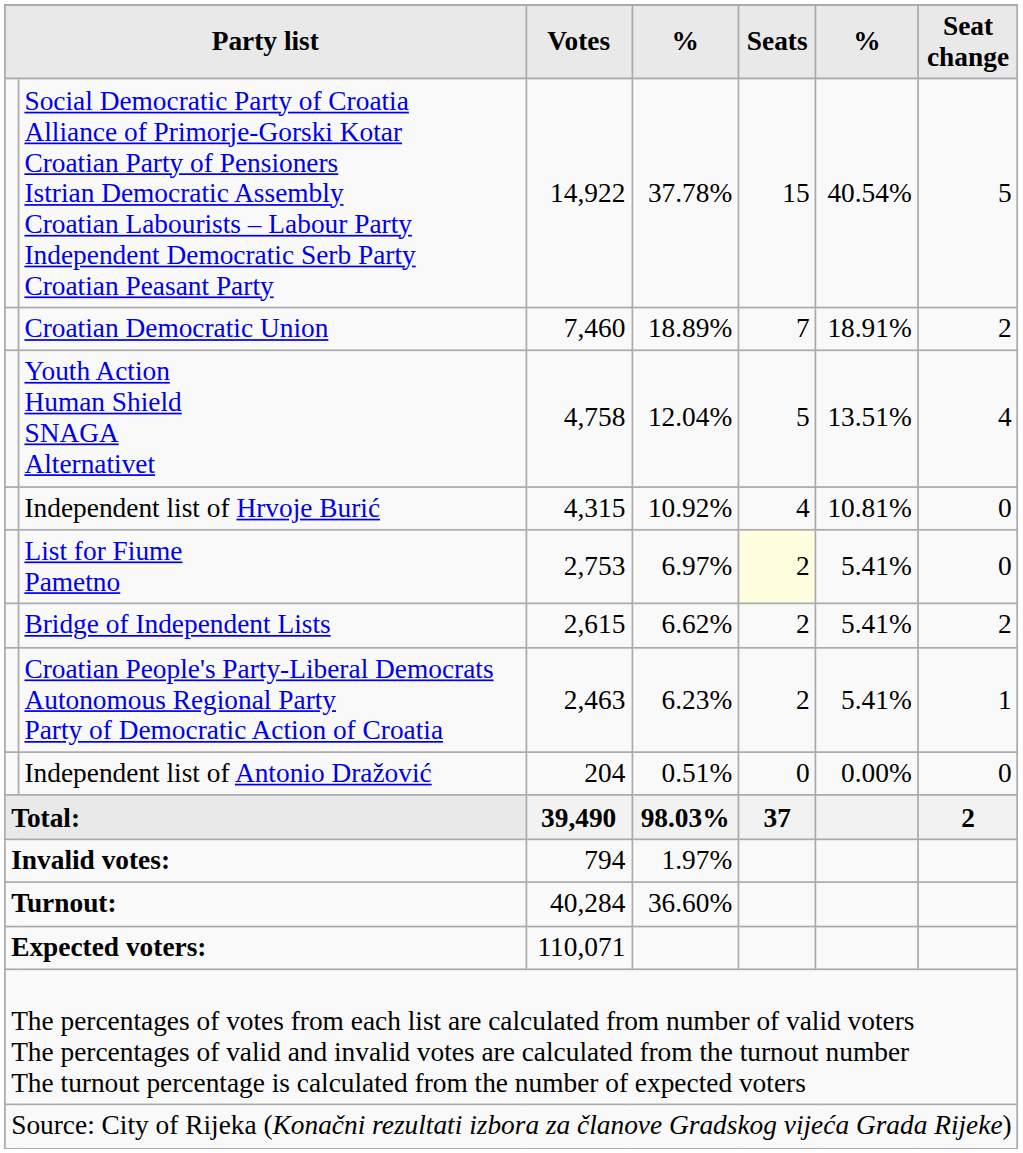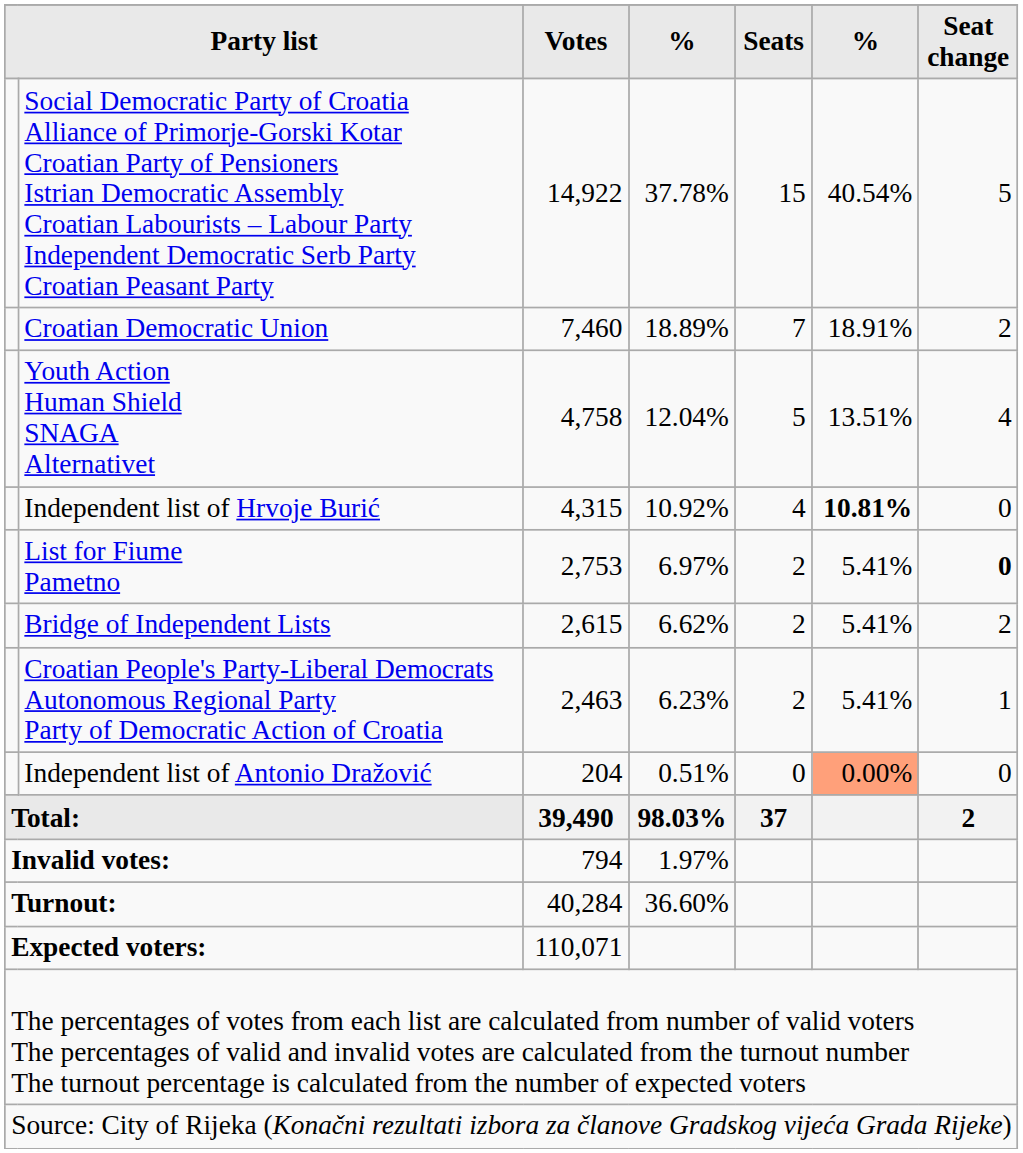 <table class="wikitable" border="1">
 <tr>
 </tr>
 <tr style="background-color:#C9C9C9">
 <th style="background-color:#E9E9E9" align= center colspan="2">Party list</th>
 <th style="background-color:#E9E9E9" align= center>Votes</th>
 <th style="background-color:#E9E9E9" align= center>%</th>
 <th style="background-color:#E9E9E9" align= center>Seats</th>
 <th style="background-color:#E9E9E9" align= center>%</th>
 <th style="background-color:#E9E9E9" align= center>Seat<br>change</th>
 </tr>
 <tr>
 <td bgcolor=></td>
 <td align = left><a href='#'>Social Democratic Party of Croatia</a> <br> <a href='#'>Alliance of Primorje-Gorski Kotar</a> <br> <a href='#'>Croatian Party of Pensioners</a> <br> <a href='#'>Istrian Democratic Assembly</a> <br> <a href='#'>Croatian Labourists – Labour Party</a> <br> <a href='#'>Independent Democratic Serb Party</a> <br> <a href='#'>Croatian Peasant Party</a></td>
 <td align = right>14,922</td>
 <td align = right>37.78%</td>
 <td align = right>15</td>
 <td align = right>40.54%</td>
 <td align = right> 5</td>
 </tr>
 <tr>
 <td bgcolor=></td>
 <td align = left><a href='#'>Croatian Democratic Union</a></td>
 <td align = right>7,460</td>
 <td align = right>18.89%</td>
 <td align = right>7</td>
 <td align = right>18.91%</td>
 <td align = right> 2</td>
 </tr>
 <tr>
 <td bgcolor=></td>
 <td align = left><a href='#'>Youth Action</a> <br> <a href='#'>Human Shield</a> <br> <a href='#'>SNAGA</a> <br> <a href='#'>Alternativet</a></td>
 <td align = right>4,758</td>
 <td align = right>12.04%</td>
 <td align = right>5</td>
 <td align = right>13.51%</td>
 <td align = right> 4</td>
 </tr>
 <tr>
 <td bgcolor=></td>
 <td align = left>Independent list of <a href='#'>Hrvoje Burić</a></td>
 <td align = right>4,315</td>
 <td align = right>10.92%</td>
 <td align = right>4</td>
-<td align = right>10.81%</td>
+<td align = right><strong>10.81%</strong></td>
 <td align = right> 0</td>
 </tr>
 <tr>
 <td bgcolor=></td>
 <td align = left><a href='#'>List for Fiume</a> <br> <a href='#'>Pametno</a></td>
 <td align = right>2,753</td>
 <td align = right>6.97%</td>
-<td align = right style="background: lightyellow;">2</td>
+<td align = right>2</td>
 <td align = right>5.41%</td>
-<td align = right> 0</td>
+<td align = right><strong> 0</strong></td>
 </tr>
 <tr>
 <td bgcolor=></td>
 <td align = left><a href='#'>Bridge of Independent Lists</a></td>
 <td align = right>2,615</td>
 <td align = right>6.62%</td>
 <td align = right>2</td>
 <td align = right>5.41%</td>
 <td align = right> 2</td>
 </tr>
 <tr>
 <td bgcolor=></td>
 <td align = left><a href='#'>Croatian People's Party-Liberal Democrats</a> <br> <a href='#'>Autonomous Regional Party</a> <br> <a href='#'>Party of Democratic Action of Croatia</a></td>
 <td align = right>2,463</td>
 <td align = right>6.23%</td>
 <td align = right>2</td>
 <td align = right>5.41%</td>
 <td align = right> 1</td>
 </tr>
 <tr>
 <td bgcolor=></td>
 <td align = left>Independent list of <a href='#'>Antonio Dražović</a></td>
 <td align = right>204</td>
 <td align = right>0.51%</td>
 <td align = right>0</td>
-<td align = right>0.00%</td>
+<td align = right style="background: lightsalmon;">0.00%</td>
 <td align = right> 0</td>
 </tr>
 <tr style="background-color:#E9E9E9">
 <td align=left colspan=2><strong>Total:</strong></td>
 <th align=right>39,490</th>
 <th align=right>98.03%</th>
 <th align=right>37</th>
 <th align=right></th>
 <th align=right> 2</th>
 </tr>
 <tr>
 <td align=left colspan=2><strong>Invalid votes:</strong></td>
 <td align=right>794</td>
 <td align=right>1.97%</td>
 <td align=right></td>
 <td align=right></td>
 <td align=right></td>
 </tr>
 <tr>
 <td align=left colspan=2><strong>Turnout:</strong></td>
 <td align=right>40,284</td>
 <td align=right>36.60%</td>
 <td align=right></td>
 <td align=right></td>
 <td align=right></td>
 </tr>
 <tr>
 <td align=left colspan=2><strong>Expected voters:</strong></td>
 <td align=right>110,071</td>
 <td align=right></td>
 <td align=right></td>
 <td align=right></td>
 <td align=right></td>
 </tr>
 <tr>
 <td align=left colspan=7><br>The percentages of votes from each list are calculated from number of valid voters<br> The percentages of valid and invalid votes are calculated from the turnout number<br> The turnout percentage is calculated from the number of expected voters</td>
 </tr>
 <tr>
 <td align=left colspan=7>Source: City of Rijeka (<em>Konačni rezultati izbora za članove Gradskog vijeća Grada Rijeke</em>) </td>
 </tr>
 </table>
